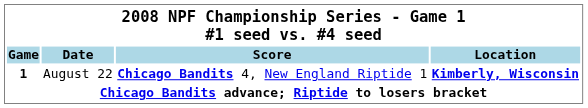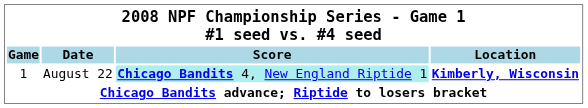 <table cellpadding="1"  style="min-width:45em;text-align:center;font-size:100%; border:1px solid gray;">
 <tr style="font-size:larger;">
 <th colspan=8>2008 NPF Championship Series - Game 1<br> #1 seed vs. #4 seed</th>
 </tr>
 <tr style="background:lightblue;">
 <th>Game</th>
 <th>Date</th>
 <th>Score</th>
 <th>Location</th>
 </tr>
 <tr>
-<td><strong>1</strong></td>
+<td>1</td>
 <td>August 22</td>
-<td><strong><a href='#'>Chicago Bandits</a></strong> 4, <a href='#'>New England Riptide</a> 1</td>
+<td style="background: paleturquoise;"><strong><a href='#'>Chicago Bandits</a></strong> 4, <a href='#'>New England Riptide</a> 1</td>
 <td><strong><a href='#'>Kimberly, Wisconsin</a></strong></td>
 </tr>
 <tr>
 <th colspan=8><strong><a href='#'>Chicago Bandits</a></strong> advance; <a href='#'>Riptide</a> to losers bracket</th>
 </tr>
 </table>
